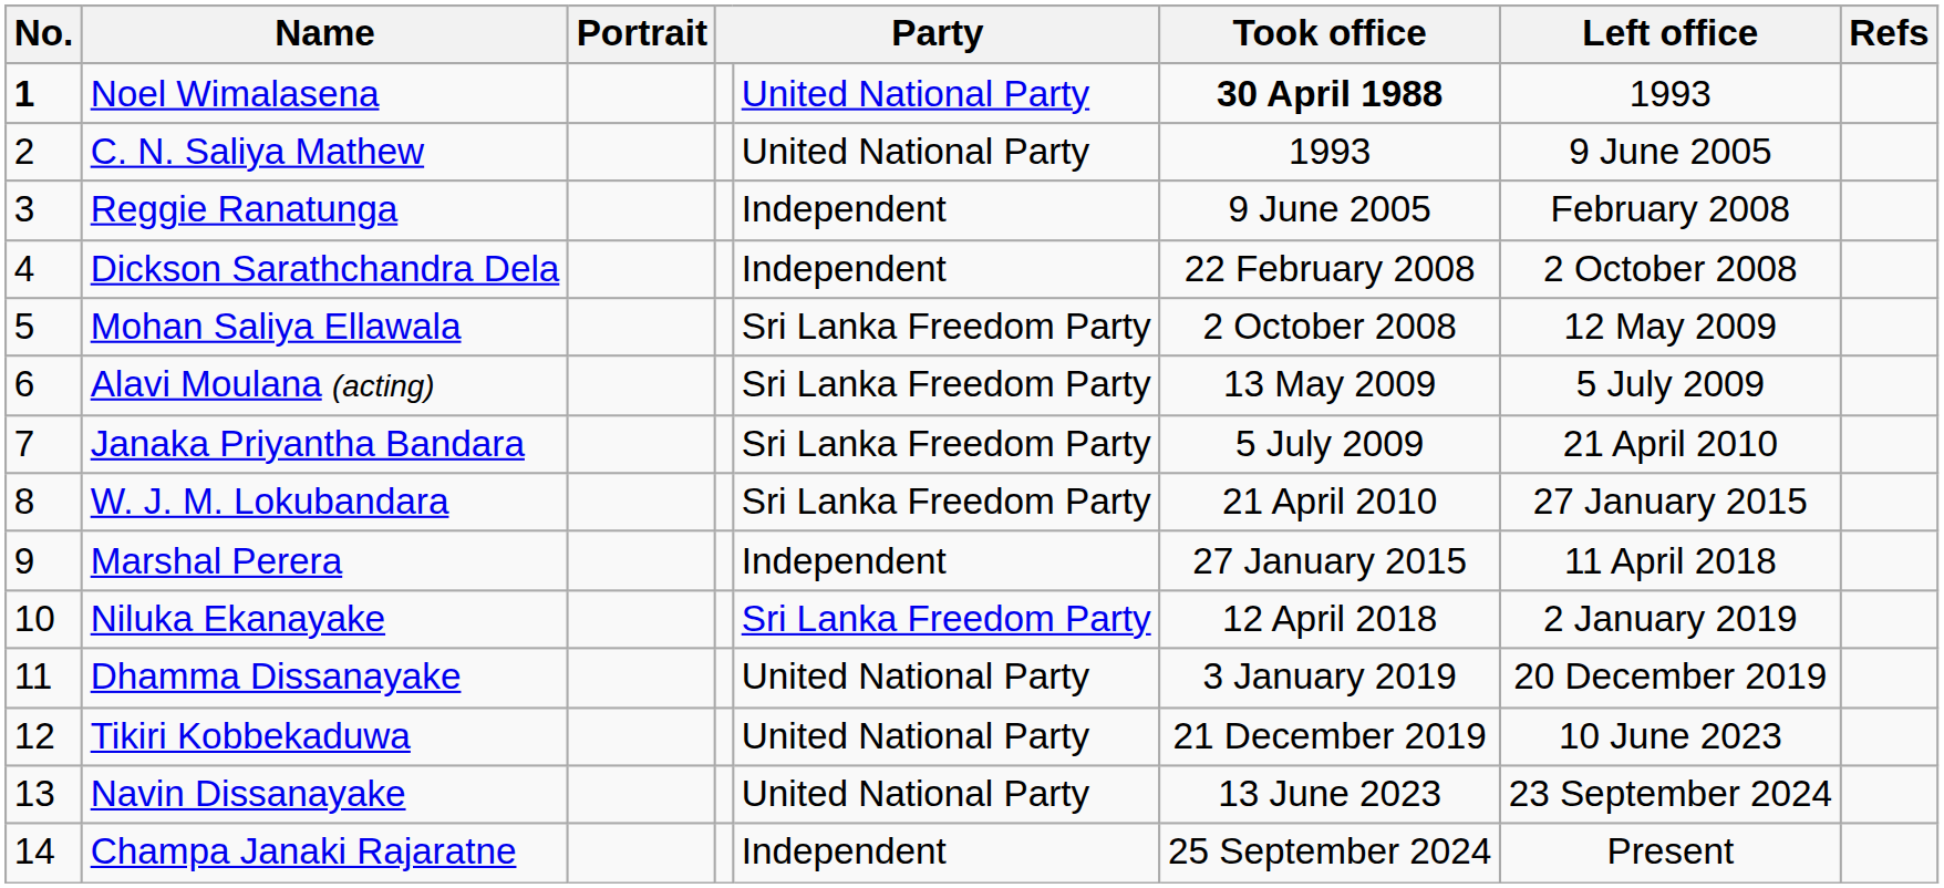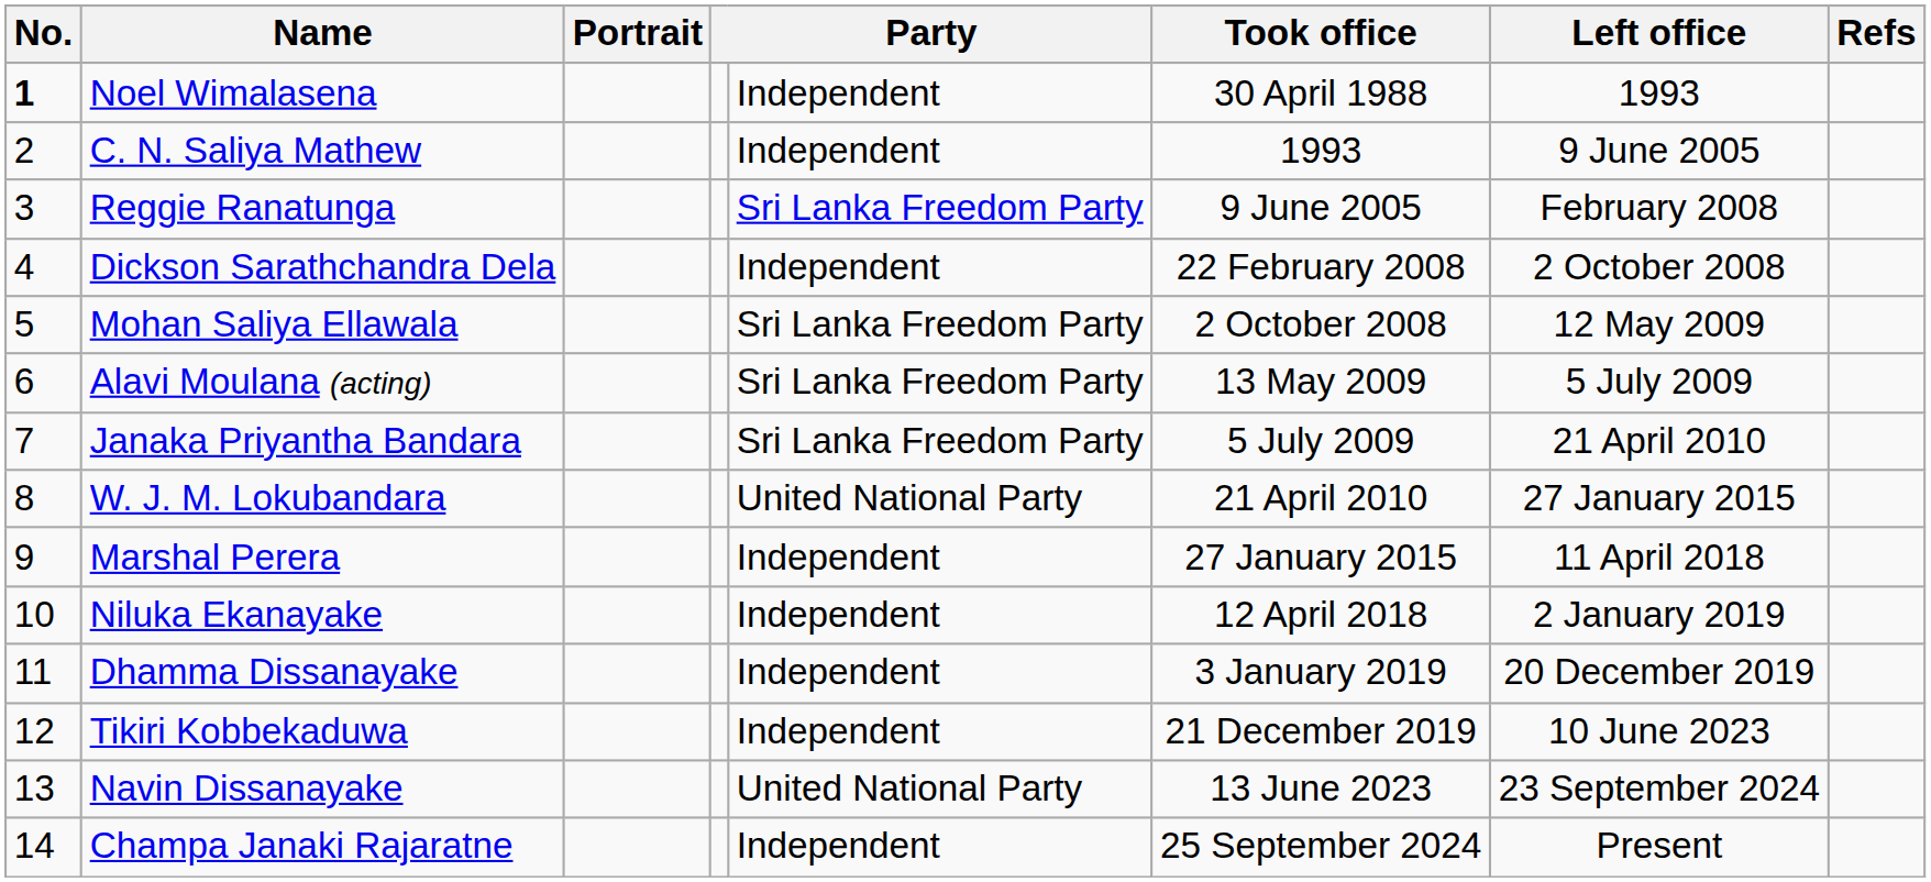 <table class="wikitable plainrowheaders sortable" style="font-size:100%; text-align:left;">
 <tr>
 <th>No.</th>
 <th>Name</th>
 <th class=unsortable>Portrait</th>
 <th colspan="2">Party</th>
 <th>Took office</th>
 <th>Left office</th>
 <th class=unsortable>Refs</th>
 </tr>
 <tr>
 <td><strong>1</strong></td>
 <td><a href='#'>Noel Wimalasena</a></td>
 <td></td>
 <td !align="center" style="background:"></td>
-<td><a href='#'>United National Party</a></td>
-<td align=center><strong>30 April 1988</strong></td>
+<td>Independent</td>
+<td align=center>30 April 1988</td>
 <td align=center>1993</td>
 <td align=center></td>
 </tr>
 <tr>
 <td>2</td>
 <td><a href='#'>C. N. Saliya Mathew</a></td>
 <td></td>
 <td !align="center" style="background:"></td>
-<td>United National Party</td>
+<td>Independent</td>
 <td align=center>1993</td>
 <td align=center>9 June 2005</td>
 <td align=center></td>
 </tr>
 <tr>
 <td>3</td>
 <td><a href='#'>Reggie Ranatunga</a></td>
 <td></td>
 <td !align="center" style="background:"></td>
-<td>Independent</td>
+<td><a href='#'>Sri Lanka Freedom Party</a></td>
 <td align=center>9 June 2005</td>
 <td align=center>February 2008</td>
 <td align=center></td>
 </tr>
 <tr>
 <td>4</td>
 <td><a href='#'>Dickson Sarathchandra Dela</a></td>
 <td></td>
 <td !align="center" style="background:"></td>
 <td>Independent</td>
 <td align=center>22 February 2008</td>
 <td align=center>2 October 2008</td>
 <td align=center></td>
 </tr>
 <tr>
 <td>5</td>
 <td><a href='#'>Mohan Saliya Ellawala</a></td>
 <td></td>
 <td !align="center" style="background:"></td>
 <td>Sri Lanka Freedom Party</td>
 <td align=center>2 October 2008</td>
 <td align=center>12 May 2009</td>
 <td align=center></td>
 </tr>
 <tr>
 <td>6</td>
 <td><a href='#'>Alavi Moulana</a> <small><em>(acting)</em></small></td>
 <td></td>
 <td !align="center" style="background:"></td>
 <td>Sri Lanka Freedom Party</td>
 <td align=center>13 May 2009</td>
 <td align=center>5 July 2009</td>
 <td align=center></td>
 </tr>
 <tr>
 <td>7</td>
 <td><a href='#'>Janaka Priyantha Bandara</a></td>
 <td></td>
 <td !align="center" style="background:"></td>
 <td>Sri Lanka Freedom Party</td>
 <td align=center>5 July 2009</td>
 <td align=center>21 April 2010</td>
 <td align=center></td>
 </tr>
 <tr>
 <td>8</td>
 <td><a href='#'>W. J. M. Lokubandara</a></td>
 <td></td>
 <td !align="center" style="background:"></td>
-<td>Sri Lanka Freedom Party</td>
+<td>United National Party</td>
 <td align=center>21 April 2010</td>
 <td align=center>27 January 2015</td>
 <td align=center></td>
 </tr>
 <tr>
 <td>9</td>
 <td><a href='#'>Marshal Perera</a></td>
 <td></td>
 <td !align="center" style="background:"></td>
 <td>Independent</td>
 <td align=center>27 January 2015</td>
 <td align=center>11 April 2018</td>
 <td align=center></td>
 </tr>
 <tr>
 <td>10</td>
 <td><a href='#'>Niluka Ekanayake</a></td>
 <td></td>
 <td !align="center" style="background:"></td>
-<td><a href='#'>Sri Lanka Freedom Party</a></td>
+<td>Independent</td>
 <td align=center>12 April 2018</td>
 <td align=center>2 January 2019</td>
 <td align=center></td>
 </tr>
 <tr>
 <td>11</td>
 <td><a href='#'>Dhamma Dissanayake</a></td>
 <td></td>
 <td !align="center" style="background:"></td>
-<td>United National Party</td>
+<td>Independent</td>
 <td align=center>3 January 2019</td>
 <td align=center>20 December 2019</td>
 <td align=center></td>
 </tr>
 <tr>
 <td>12</td>
 <td><a href='#'>Tikiri Kobbekaduwa</a></td>
 <td></td>
 <td !align="center" style="background:"></td>
-<td>United National Party</td>
+<td>Independent</td>
 <td align=center>21 December 2019</td>
 <td align=center>10 June 2023</td>
 <td align=center></td>
 </tr>
 <tr>
 <td>13</td>
 <td><a href='#'>Navin Dissanayake</a></td>
 <td></td>
 <td !align="center" style="background:"></td>
 <td>United National Party</td>
 <td align=center>13 June 2023</td>
 <td align=center>23 September 2024</td>
 <td align=center></td>
 </tr>
 <tr>
 <td>14</td>
 <td><a href='#'>Champa Janaki Rajaratne</a></td>
 <td></td>
 <td !align="center" style="background:"></td>
 <td>Independent</td>
 <td align=center>25 September 2024</td>
 <td align=center>Present</td>
 <td align=center></td>
 </tr>
 </table>
